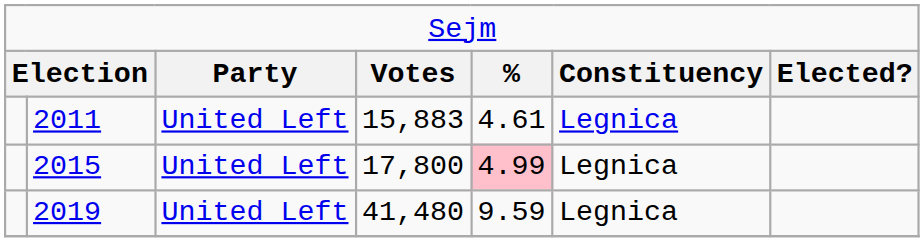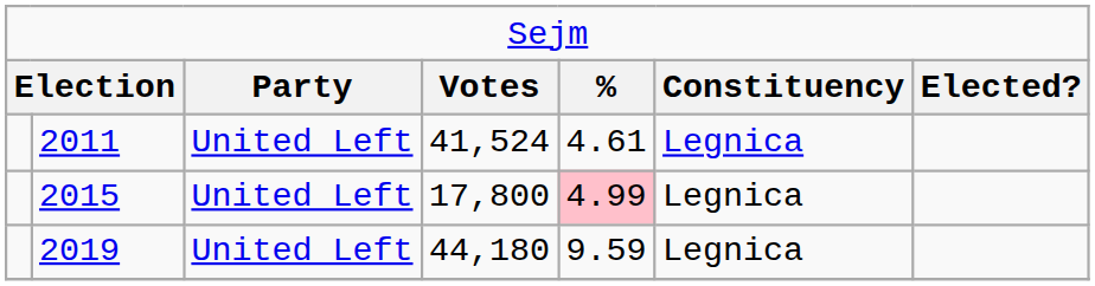 <table class = 'wikitable'>
 <tr>
 <td colspan="7" style="text-align:center;"><a href='#'>Sejm</a></td>
 </tr>
 <tr>
 <th colspan="2">Election</th>
 <th>Party</th>
 <th>Votes</th>
 <th>%</th>
 <th>Constituency</th>
 <th>Elected?</th>
 </tr>
 <tr>
 <td style="background-color: "></td>
 <td><a href='#'>2011</a></td>
 <td><a href='#'>United Left</a></td>
-<td>15,883</td>
+<td>41,524</td>
 <td>4.61</td>
 <td><a href='#'>Legnica</a></td>
 <td></td>
 </tr>
 <tr>
 <td style="background-color: "></td>
 <td><a href='#'>2015</a></td>
 <td><a href='#'>United Left</a></td>
 <td>17,800</td>
 <td style="background: pink;">4.99</td>
 <td>Legnica</td>
 <td></td>
 </tr>
 <tr>
 <td style="background-color: "></td>
 <td><a href='#'>2019</a></td>
 <td><a href='#'>United Left</a></td>
-<td>41,480</td>
+<td>44,180</td>
 <td>9.59</td>
 <td>Legnica</td>
 <td></td>
 </tr>
 <tr>
 </tr>
 </table>
